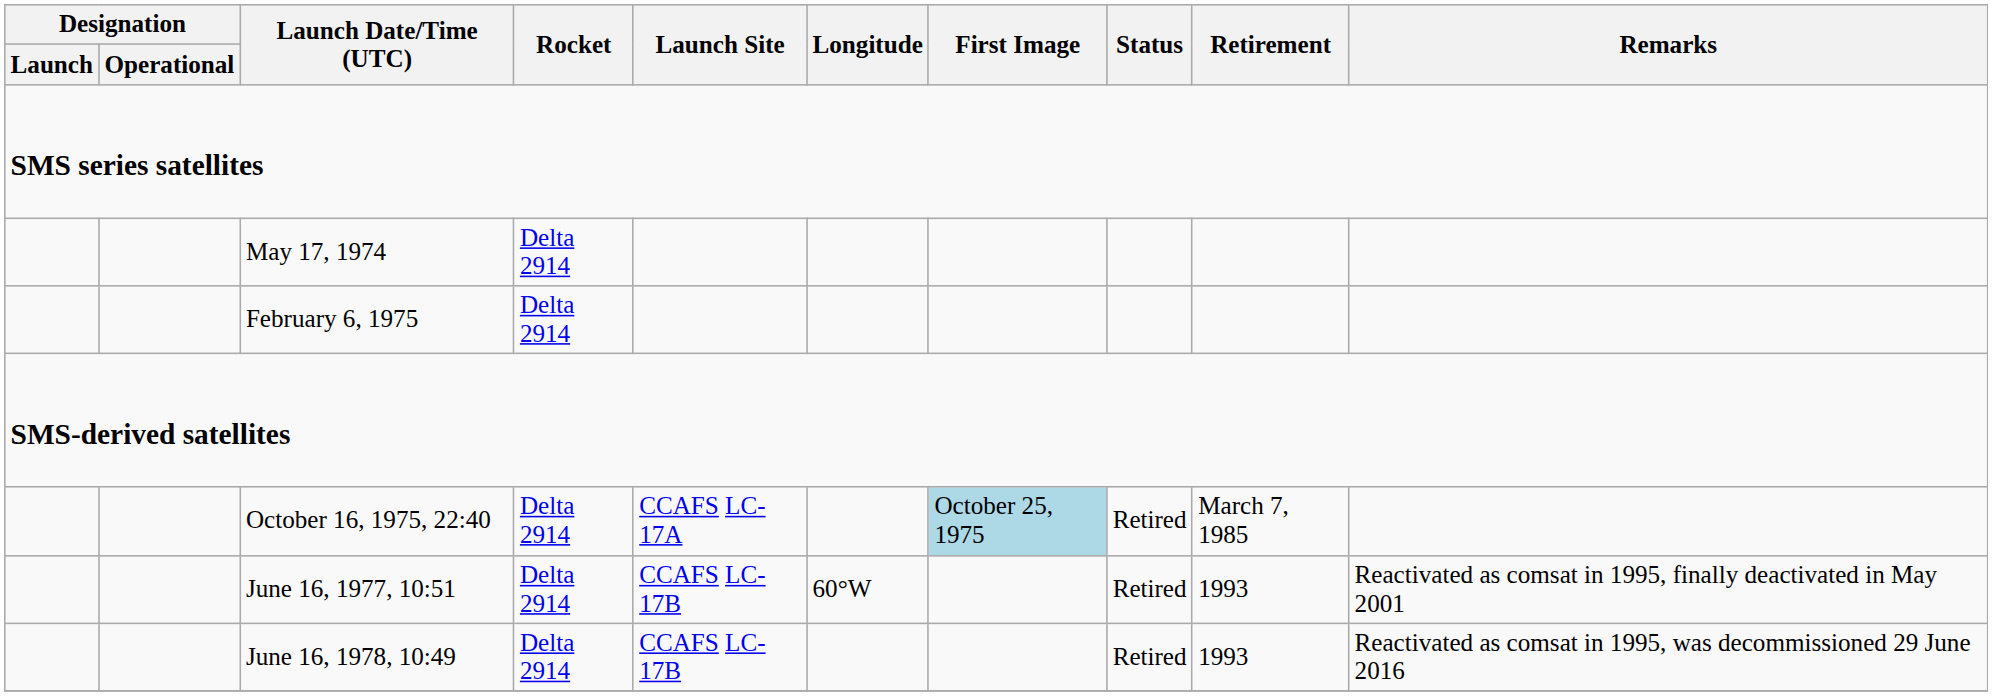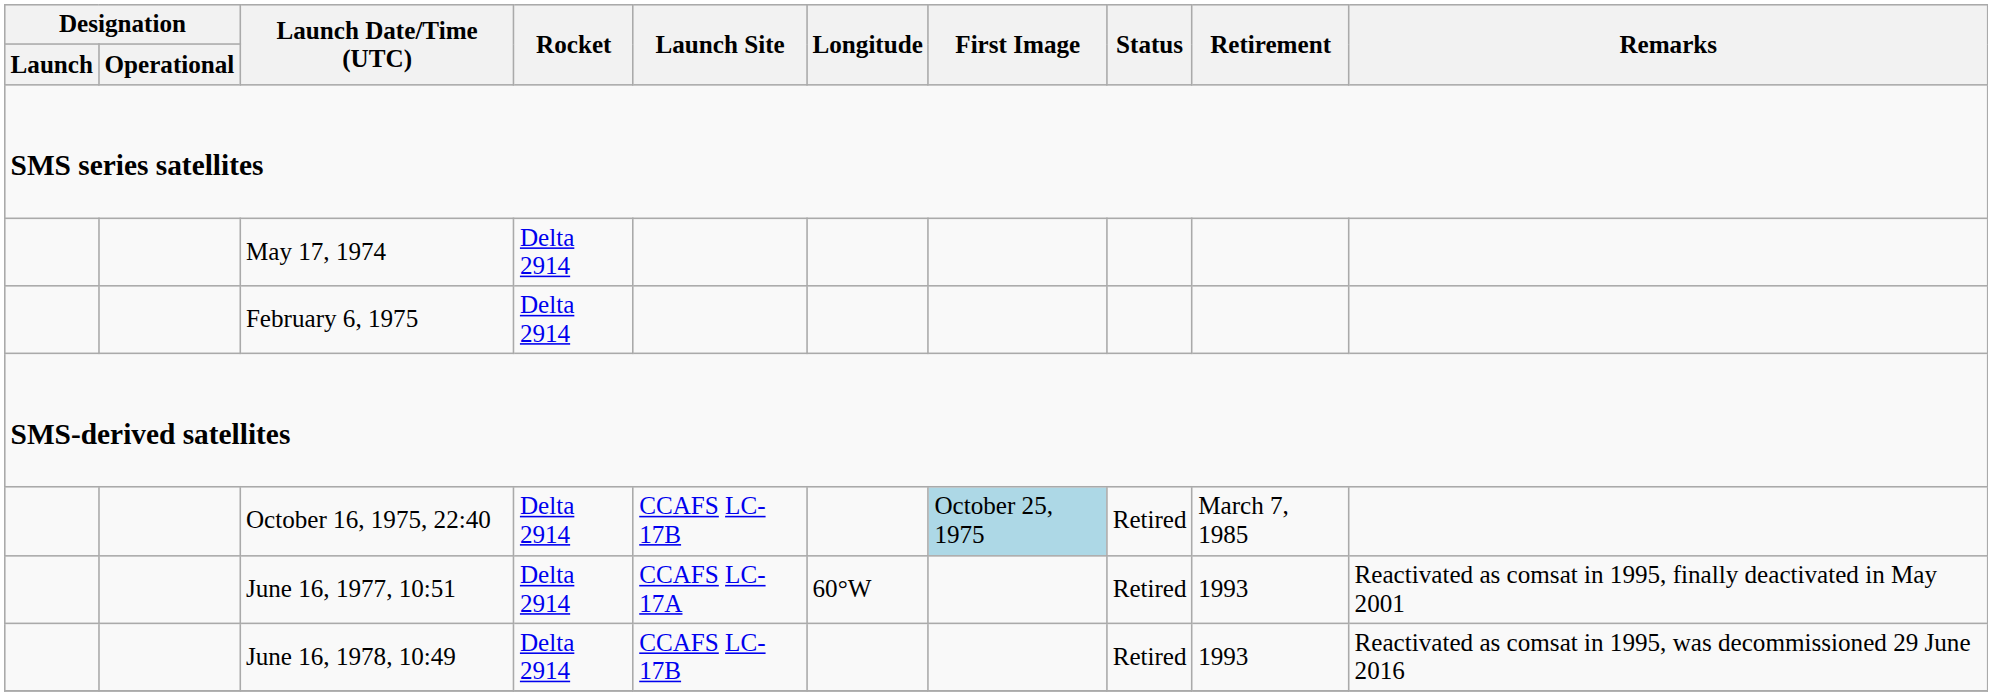 <table class = "wikitable" width="100%">
 <tr>
 <th colspan=2>Designation</th>
 <th rowspan=2>Launch Date/Time (UTC)</th>
 <th rowspan=2>Rocket</th>
 <th rowspan=2>Launch Site</th>
 <th rowspan=2>Longitude</th>
 <th rowspan=2>First Image</th>
 <th rowspan=2>Status</th>
 <th rowspan=2>Retirement</th>
 <th rowspan=2>Remarks</th>
 </tr>
 <tr>
 <th>Launch</th>
 <th>Operational</th>
 </tr>
 <tr>
 <td colspan=10><br><h3>SMS series satellites</h3></td>
 </tr>
 <tr>
 <td></td>
 <td></td>
 <td>May 17, 1974</td>
 <td><a href='#'>Delta 2914</a></td>
 <td></td>
 <td></td>
 <td></td>
 <td></td>
 <td></td>
 <td></td>
 </tr>
 <tr>
 <td></td>
 <td></td>
 <td>February 6, 1975</td>
 <td><a href='#'>Delta 2914</a></td>
 <td></td>
 <td></td>
 <td></td>
 <td></td>
 <td></td>
 <td></td>
 </tr>
 <tr>
 <td colspan=10><br><h3>SMS-derived satellites</h3></td>
 </tr>
 <tr>
 <td><br></td>
 <td></td>
 <td>October 16, 1975, 22:40</td>
 <td><a href='#'>Delta 2914</a></td>
-<td><a href='#'>CCAFS</a> <a href='#'>LC-17A</a></td>
+<td><a href='#'>CCAFS</a> <a href='#'>LC-17B</a></td>
 <td></td>
 <td style="background: lightblue;">October 25, 1975</td>
 <td>Retired</td>
 <td>March 7, 1985</td>
 <td></td>
 </tr>
 <tr>
 <td><br></td>
 <td></td>
 <td>June 16, 1977, 10:51</td>
 <td><a href='#'>Delta 2914</a></td>
-<td><a href='#'>CCAFS</a> <a href='#'>LC-17B</a></td>
+<td><a href='#'>CCAFS</a> <a href='#'>LC-17A</a></td>
 <td>60°W</td>
 <td></td>
 <td>Retired</td>
 <td>1993</td>
 <td>Reactivated as comsat in 1995, finally deactivated in May 2001</td>
 </tr>
 <tr>
 <td><br></td>
 <td></td>
 <td>June 16, 1978, 10:49</td>
 <td><a href='#'>Delta 2914</a></td>
 <td><a href='#'>CCAFS</a> <a href='#'>LC-17B</a></td>
 <td></td>
 <td></td>
 <td>Retired</td>
 <td>1993</td>
 <td>Reactivated as comsat in 1995, was decommissioned 29 June 2016</td>
 </tr>
 <tr>
 </tr>
 </table>
